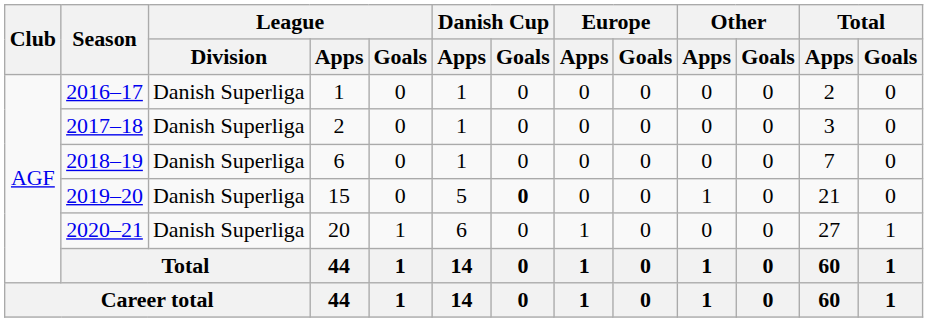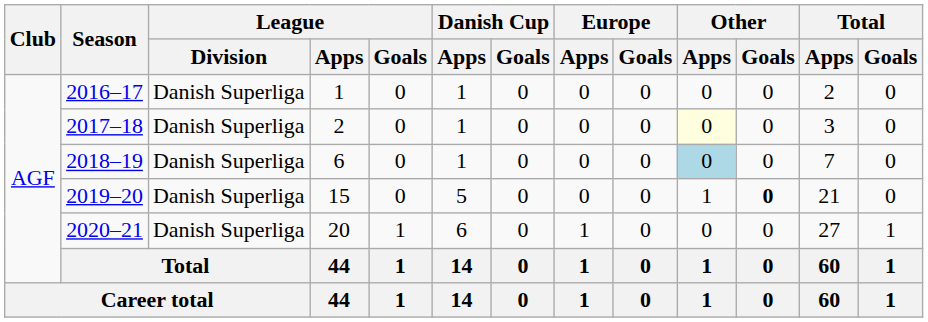 <table class="wikitable" style="text-align: center;">
 <tr>
 <th rowspan=2>Club</th>
 <th rowspan=2>Season</th>
 <th colspan=3>League</th>
 <th colspan=2>Danish Cup</th>
 <th colspan=2>Europe</th>
 <th colspan=2>Other</th>
 <th colspan=2>Total</th>
 </tr>
 <tr>
 <th>Division</th>
 <th>Apps</th>
 <th>Goals</th>
 <th>Apps</th>
 <th>Goals</th>
 <th>Apps</th>
 <th>Goals</th>
 <th>Apps</th>
 <th>Goals</th>
 <th>Apps</th>
 <th>Goals</th>
 </tr>
 <tr>
 <td rowspan=6><a href='#'>AGF</a></td>
 <td><a href='#'>2016–17</a></td>
 <td>Danish Superliga</td>
 <td>1</td>
 <td>0</td>
 <td>1</td>
 <td>0</td>
 <td>0</td>
 <td>0</td>
 <td>0</td>
 <td>0</td>
 <td>2</td>
 <td>0</td>
 </tr>
 <tr>
 <td><a href='#'>2017–18</a></td>
 <td>Danish Superliga</td>
 <td>2</td>
 <td>0</td>
 <td>1</td>
 <td>0</td>
 <td>0</td>
 <td>0</td>
-<td>0</td>
+<td style="background: lightyellow;">0</td>
 <td>0</td>
 <td>3</td>
 <td>0</td>
 </tr>
 <tr>
 <td><a href='#'>2018–19</a></td>
 <td>Danish Superliga</td>
 <td>6</td>
 <td>0</td>
 <td>1</td>
 <td>0</td>
 <td>0</td>
 <td>0</td>
-<td>0</td>
+<td style="background: lightblue;">0</td>
 <td>0</td>
 <td>7</td>
 <td>0</td>
 </tr>
 <tr>
 <td><a href='#'>2019–20</a></td>
 <td>Danish Superliga</td>
 <td>15</td>
 <td>0</td>
 <td>5</td>
-<td><strong>0</strong></td>
+<td>0</td>
 <td>0</td>
 <td>0</td>
 <td>1</td>
-<td>0</td>
+<td><strong>0</strong></td>
 <td>21</td>
 <td>0</td>
 </tr>
 <tr>
 <td><a href='#'>2020–21</a></td>
 <td>Danish Superliga</td>
 <td>20</td>
 <td>1</td>
 <td>6</td>
 <td>0</td>
 <td>1</td>
 <td>0</td>
 <td>0</td>
 <td>0</td>
 <td>27</td>
 <td>1</td>
 </tr>
 <tr>
 <th colspan=2>Total</th>
 <th>44</th>
 <th>1</th>
 <th>14</th>
 <th>0</th>
 <th>1</th>
 <th>0</th>
 <th>1</th>
 <th>0</th>
 <th>60</th>
 <th>1</th>
 </tr>
 <tr>
 <th colspan=3>Career total</th>
 <th>44</th>
 <th>1</th>
 <th>14</th>
 <th>0</th>
 <th>1</th>
 <th>0</th>
 <th>1</th>
 <th>0</th>
 <th>60</th>
 <th>1</th>
 </tr>
 </table>
